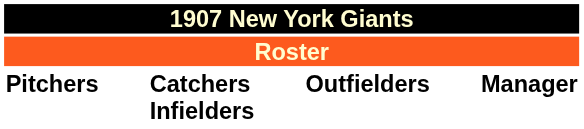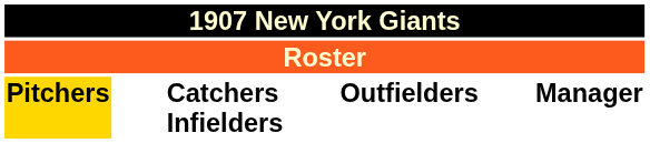 <table class="toccolours" style="font-size: 95%;">
 <tr>
 <th colspan="10" style="background-color: black; color: #FFFDD0; text-align: center;">1907 New York Giants</th>
 </tr>
 <tr>
 <td colspan="10" style="background-color: #fd5a1e; color: #FFFDD0; text-align: center;"><strong>Roster</strong></td>
 </tr>
 <tr>
-<td valign="top"><strong>Pitchers</strong><br>        </td>
+<td valign="top" style="background: gold;"><strong>Pitchers</strong><br>        </td>
 <td width="25px"></td>
 <td valign="top"><strong>Catchers</strong><br>    <strong>Infielders</strong>         </td>
 <td width="25px"></td>
 <td valign="top"><strong>Outfielders</strong><br>    </td>
 <td width="25px"></td>
 <td valign="top"><strong>Manager</strong><br></td>
 </tr>
 </table>
